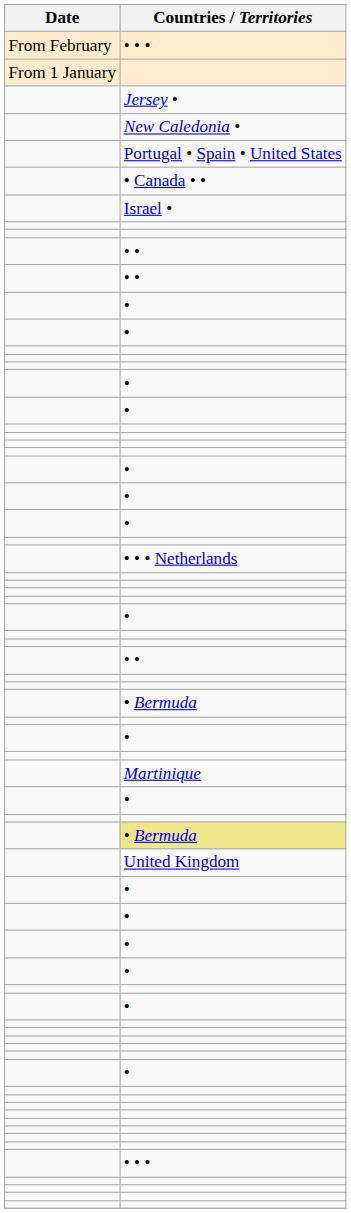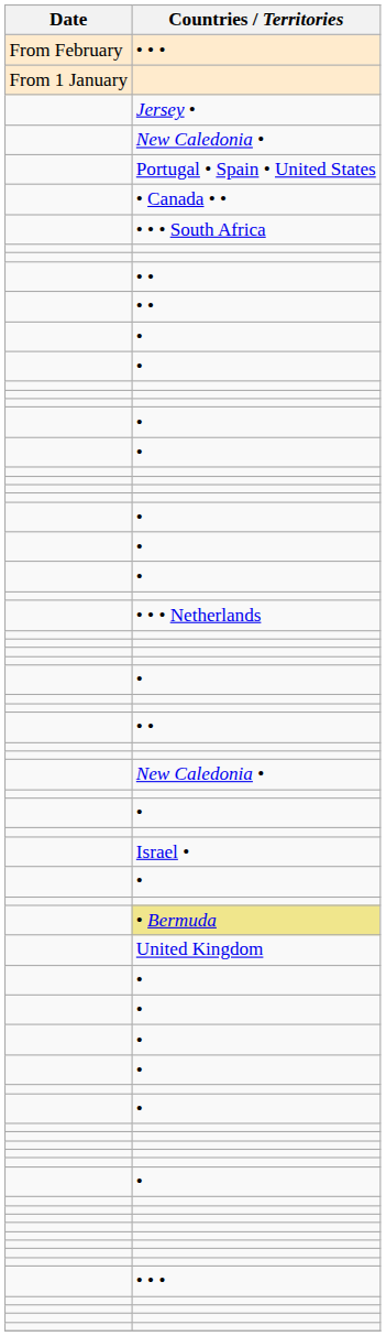 <table class="wikitable mw-datatable">
 <tr>
 <th scope="col">Date</th>
 <th scope="col">Countries / <em>Territories</em></th>
 </tr>
 <tr>
 <td style="background:BlanchedAlmond;">From February</td>
 <td style="background:BlanchedAlmond;"> •  •  •  </td>
 </tr>
 <tr>
 <td style="background:BlanchedAlmond;">From 1 January</td>
 <td style="background:BlanchedAlmond;"></td>
 </tr>
 <tr>
 <td></td>
 <td> <em><a href='#'>Jersey</a></em> • </td>
 </tr>
 <tr>
 <td></td>
 <td> <em><a href='#'>New Caledonia</a></em> • </td>
 </tr>
 <tr>
 <td></td>
 <td> <a href='#'>Portugal</a> •  <a href='#'>Spain</a> •  <a href='#'>United States</a></td>
 </tr>
 <tr>
 <td></td>
 <td> •  <a href='#'>Canada</a> •  • </td>
 </tr>
 <tr>
 <td></td>
-<td> <a href='#'>Israel</a> • </td>
+<td> •  •  •  <a href='#'>South Africa</a></td>
 </tr>
 <tr>
 <td></td>
 <td></td>
 </tr>
 <tr>
 <td></td>
 <td></td>
 </tr>
 <tr>
 <td></td>
 <td> •  • </td>
 </tr>
 <tr>
 <td></td>
 <td> •  • </td>
 </tr>
 <tr>
 <td></td>
 <td> • </td>
 </tr>
 <tr>
 <td></td>
 <td> • </td>
 </tr>
 <tr>
 <td></td>
 <td><em></em></td>
 </tr>
 <tr>
 <td></td>
 <td></td>
 </tr>
 <tr>
 <td></td>
 <td></td>
 </tr>
 <tr>
 <td></td>
 <td> • </td>
 </tr>
 <tr>
 <td></td>
 <td> • </td>
 </tr>
 <tr>
 <td></td>
 <td></td>
 </tr>
 <tr>
 <td></td>
 <td></td>
 </tr>
 <tr>
 <td></td>
 <td></td>
 </tr>
 <tr>
 <td></td>
 <td></td>
 </tr>
 <tr>
 <td></td>
 <td> • </td>
 </tr>
 <tr>
 <td></td>
 <td> • </td>
 </tr>
 <tr>
 <td></td>
 <td> • </td>
 </tr>
 <tr>
 <td></td>
 <td></td>
 </tr>
 <tr>
 <td></td>
 <td> •  •  •  <a href='#'>Netherlands</a></td>
 </tr>
 <tr>
 <td></td>
 <td></td>
 </tr>
 <tr>
 <td></td>
 <td></td>
 </tr>
 <tr>
 <td></td>
 <td></td>
 </tr>
 <tr>
 <td></td>
 <td><em></em></td>
 </tr>
 <tr>
 <td></td>
 <td> • </td>
 </tr>
 <tr>
 <td></td>
 <td></td>
 </tr>
 <tr>
 <td></td>
 <td></td>
 </tr>
 <tr>
 <td></td>
 <td> •  • </td>
 </tr>
 <tr>
 <td></td>
 <td></td>
 </tr>
 <tr>
 <td></td>
 <td></td>
 </tr>
 <tr>
 <td></td>
-<td> •  <em><a href='#'>Bermuda</a></em></td>
+<td> <em><a href='#'>New Caledonia</a></em> • </td>
 </tr>
 <tr>
 <td></td>
 <td></td>
 </tr>
 <tr>
 <td></td>
 <td> • </td>
 </tr>
 <tr>
 <td></td>
 <td></td>
 </tr>
 <tr>
 <td></td>
-<td> <em><a href='#'>Martinique</a></em></td>
+<td> <a href='#'>Israel</a> • </td>
 </tr>
 <tr>
 <td></td>
 <td> • </td>
 </tr>
 <tr>
 <td></td>
 <td></td>
 </tr>
 <tr>
 <td></td>
 <td style="background: khaki;"> •  <em><a href='#'>Bermuda</a></em></td>
 </tr>
 <tr>
 <td></td>
 <td> <a href='#'>United Kingdom</a></td>
 </tr>
 <tr>
 <td></td>
 <td><em></em> • </td>
 </tr>
 <tr>
 <td></td>
 <td> • </td>
 </tr>
 <tr>
 <td></td>
 <td> • </td>
 </tr>
 <tr>
 <td></td>
 <td> • <em></em></td>
 </tr>
 <tr>
 <td></td>
 <td></td>
 </tr>
 <tr>
 <td></td>
 <td> • </td>
 </tr>
 <tr>
 <td></td>
 <td></td>
 </tr>
 <tr>
 <td></td>
 <td><em></em></td>
 </tr>
 <tr>
 <td></td>
 <td></td>
 </tr>
 <tr>
 <td></td>
 <td></td>
 </tr>
 <tr>
 <td></td>
 <td></td>
 </tr>
 <tr>
 <td></td>
 <td><em></em> • </td>
 </tr>
 <tr>
 <td></td>
 <td><em></em></td>
 </tr>
 <tr>
 <td></td>
 <td></td>
 </tr>
 <tr>
 <td></td>
 <td><em></em></td>
 </tr>
 <tr>
 <td></td>
 <td></td>
 </tr>
 <tr>
 <td></td>
 <td><em></em></td>
 </tr>
 <tr>
 <td></td>
 <td></td>
 </tr>
 <tr>
 <td></td>
 <td><em></em></td>
 </tr>
 <tr>
 <td></td>
 <td><em></em></td>
 </tr>
 <tr>
 <td></td>
 <td> •  •  • </td>
 </tr>
 <tr>
 <td></td>
 <td></td>
 </tr>
 <tr>
 <td></td>
 <td></td>
 </tr>
 <tr>
 <td></td>
 <td></td>
 </tr>
 <tr>
 <td></td>
 <td></td>
 </tr>
 <tr>
 </tr>
 </table>
